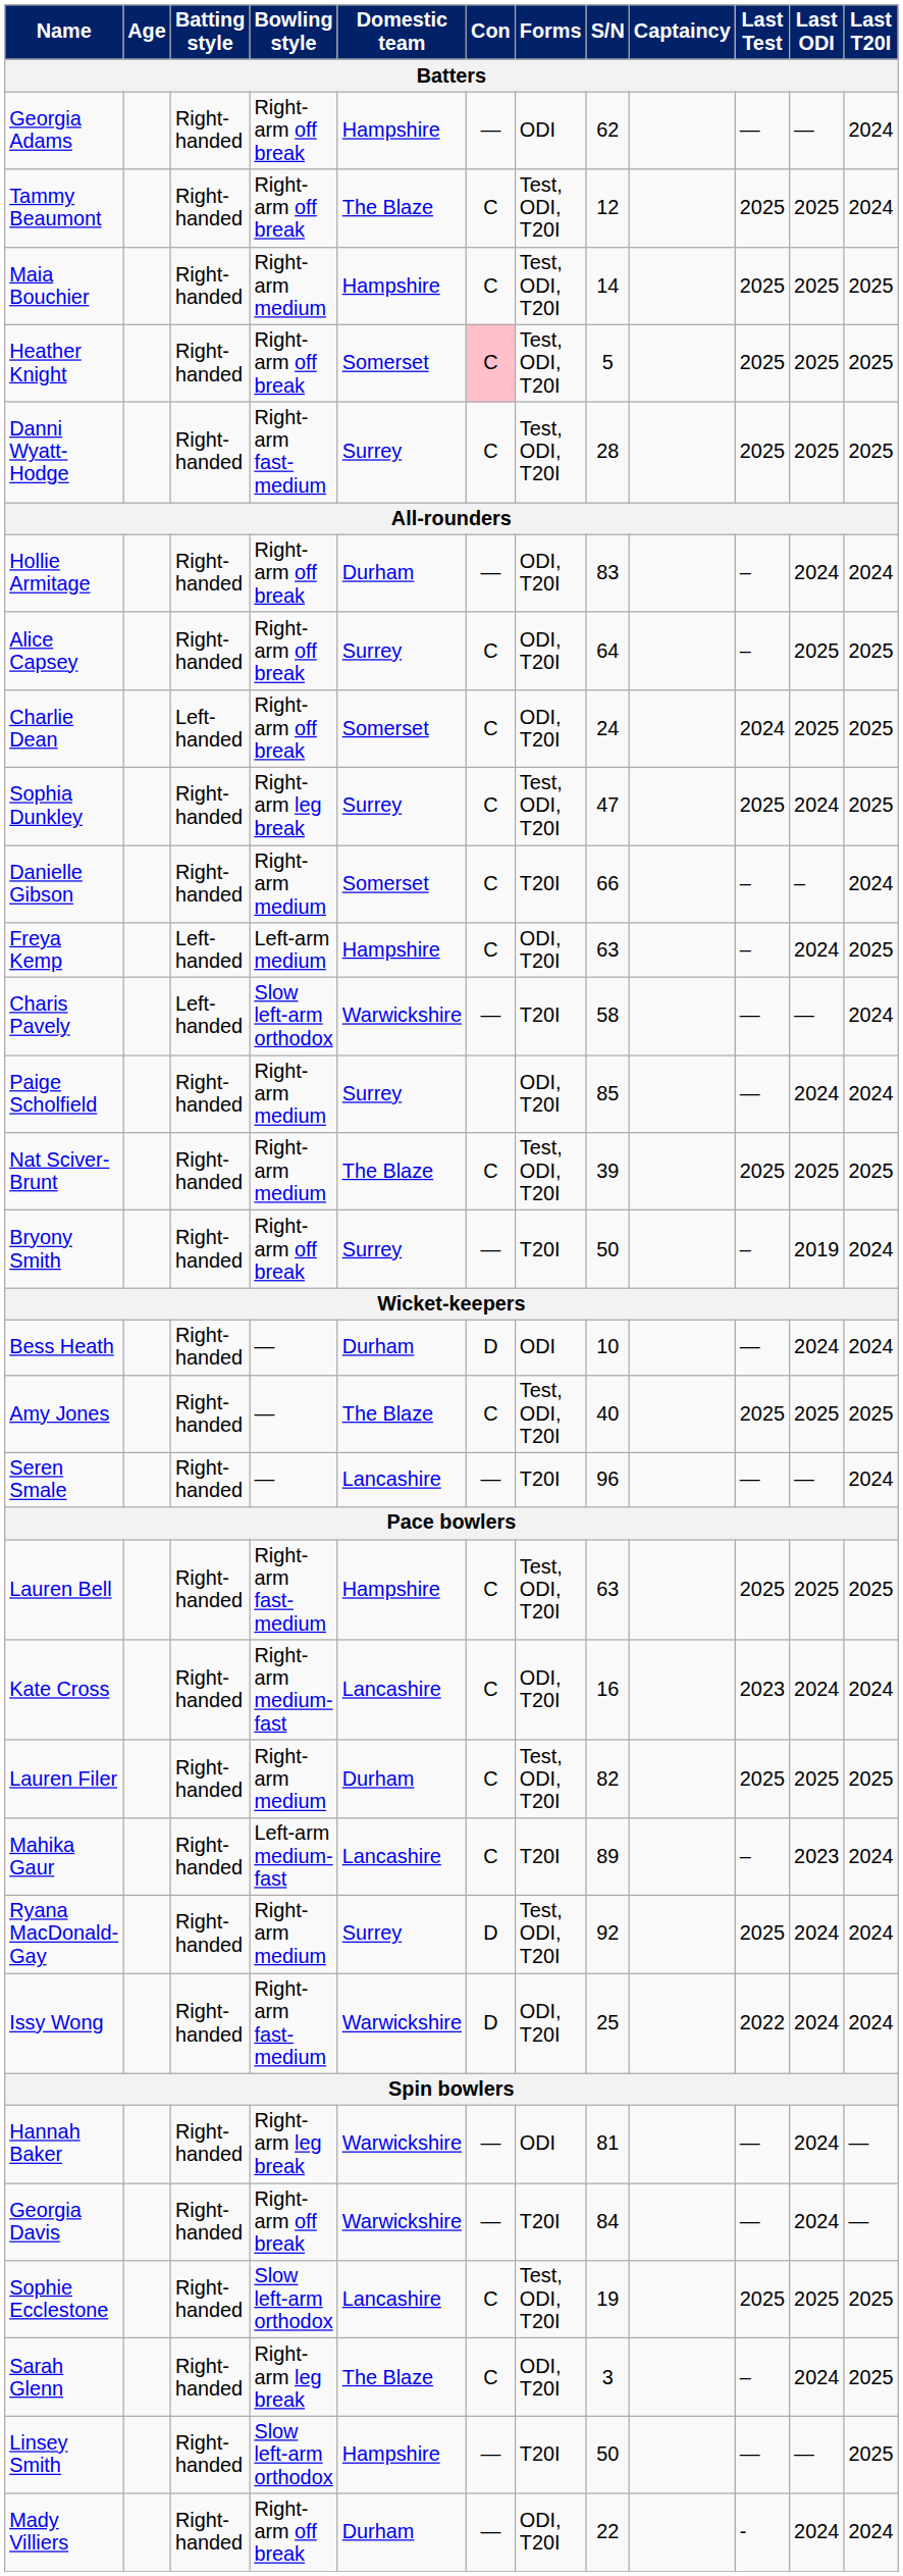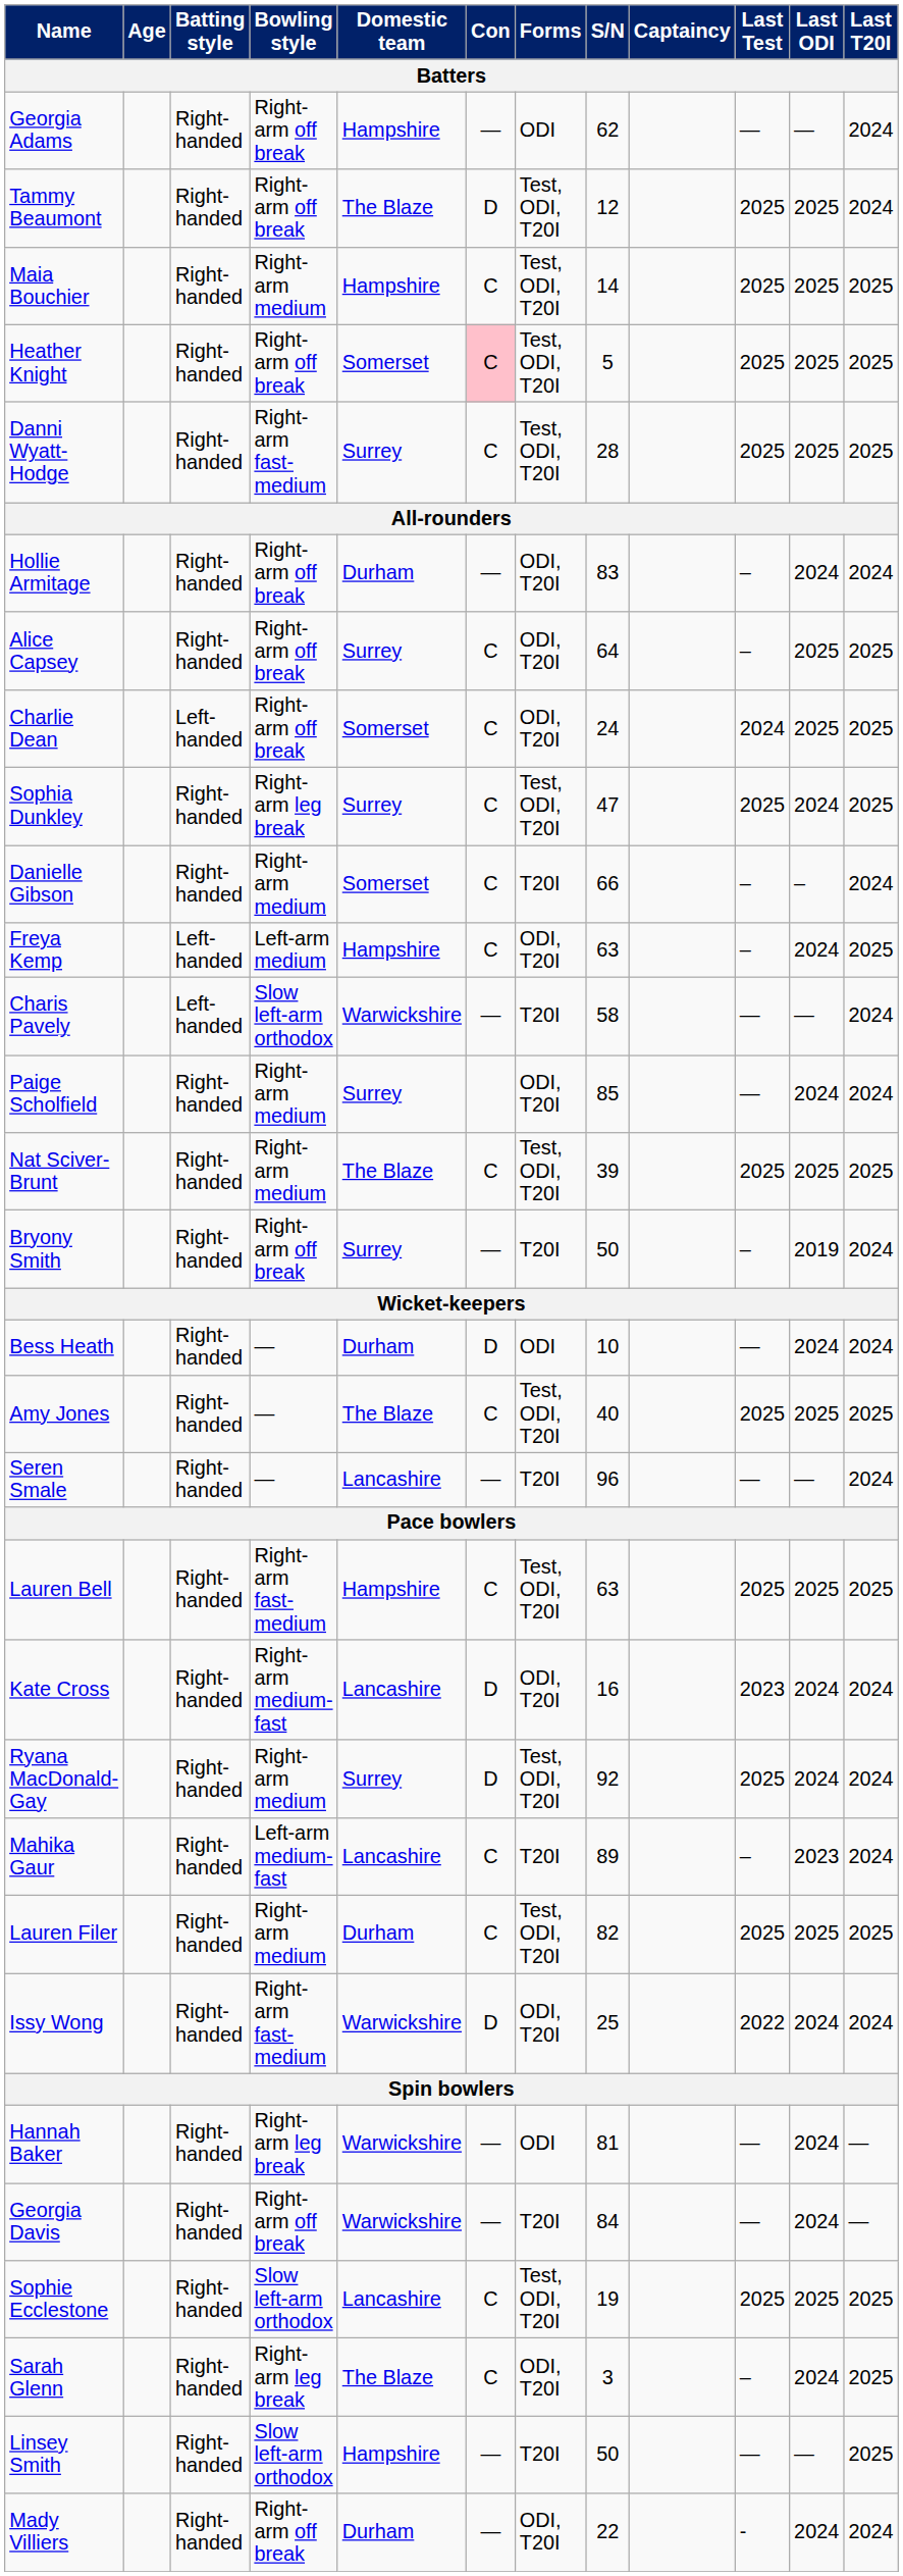 <table class="wikitable">
 <tr>
 <th style="text-align:center; background:#012169; color:white;">Name</th>
 <th style="text-align:center; background:#012169; color:white;">Age</th>
 <th style="text-align:center; background:#012169; color:white;">Batting style</th>
 <th style="text-align:center; background:#012169; color:white;">Bowling style</th>
 <th style="text-align:center; background:#012169; color:white;">Domestic team</th>
 <th style="text-align:center; background:#012169; color:white;">Con</th>
 <th style="text-align:center; background:#012169; color:white;">Forms</th>
 <th style="text-align:center; background:#012169; color:white;">S/N</th>
 <th style="text-align:center; background:#012169; color:white;">Captaincy</th>
 <th style="text-align:center; background:#012169; color:white;">Last Test</th>
 <th style="text-align:center; background:#012169; color:white;">Last ODI</th>
 <th style="text-align:center; background:#012169; color:white;">Last T20I</th>
 </tr>
 <tr>
 <th colspan="12">Batters</th>
 </tr>
 <tr>
 <td><a href='#'>Georgia Adams</a></td>
 <td></td>
 <td>Right-handed</td>
 <td>Right-arm <a href='#'>off break</a></td>
 <td><a href='#'>Hampshire</a></td>
 <td align="center">—</td>
 <td>ODI</td>
 <td align="center">62</td>
 <td></td>
 <td>—</td>
 <td>—</td>
 <td> 2024</td>
 </tr>
 <tr>
 <td><a href='#'>Tammy Beaumont</a></td>
 <td></td>
 <td>Right-handed</td>
 <td>Right-arm <a href='#'>off break</a></td>
 <td><a href='#'>The Blaze</a></td>
-<td align="center">C</td>
+<td align="center">D</td>
 <td>Test, ODI, T20I</td>
 <td align="center">12</td>
 <td></td>
 <td> 2025</td>
 <td> 2025</td>
 <td> 2024</td>
 </tr>
 <tr>
 <td><a href='#'>Maia Bouchier</a></td>
 <td></td>
 <td>Right-handed</td>
 <td>Right-arm <a href='#'>medium</a></td>
 <td><a href='#'>Hampshire</a></td>
 <td align="center">C</td>
 <td>Test, ODI, T20I</td>
 <td align="center">14</td>
 <td></td>
 <td> 2025</td>
 <td> 2025</td>
 <td> 2025</td>
 </tr>
 <tr>
 <td><a href='#'>Heather Knight</a></td>
 <td></td>
 <td>Right-handed</td>
 <td>Right-arm <a href='#'>off break</a></td>
 <td><a href='#'>Somerset</a></td>
 <td align="center" style="background: pink;">C</td>
 <td>Test, ODI, T20I</td>
 <td align="center">5</td>
 <td></td>
 <td> 2025</td>
 <td> 2025</td>
 <td> 2025</td>
 </tr>
 <tr>
 <td><a href='#'>Danni Wyatt-Hodge</a></td>
 <td></td>
 <td>Right-handed</td>
 <td>Right-arm <a href='#'>fast-medium</a></td>
 <td><a href='#'>Surrey</a></td>
 <td align="center">C</td>
 <td>Test, ODI, T20I</td>
 <td align="center">28</td>
 <td></td>
 <td> 2025</td>
 <td> 2025</td>
 <td> 2025</td>
 </tr>
 <tr>
 <th colspan="12">All-rounders</th>
 </tr>
 <tr>
 <td><a href='#'>Hollie Armitage</a></td>
 <td></td>
 <td>Right-handed</td>
 <td>Right-arm <a href='#'>off break</a></td>
 <td><a href='#'>Durham</a></td>
 <td align="center">—</td>
 <td>ODI, T20I</td>
 <td align="center">83</td>
 <td></td>
 <td>–</td>
 <td> 2024</td>
 <td> 2024</td>
 </tr>
 <tr>
 <td><a href='#'>Alice Capsey</a></td>
 <td></td>
 <td>Right-handed</td>
 <td>Right-arm <a href='#'>off break</a></td>
 <td><a href='#'>Surrey</a></td>
 <td align="center">C</td>
 <td>ODI, T20I</td>
 <td align="center">64</td>
 <td></td>
 <td>–</td>
 <td> 2025</td>
 <td> 2025</td>
 </tr>
 <tr>
 <td><a href='#'>Charlie Dean</a></td>
 <td></td>
 <td>Left-handed</td>
 <td>Right-arm <a href='#'>off break</a></td>
 <td><a href='#'>Somerset</a></td>
 <td align="center">C</td>
 <td>ODI, T20I</td>
 <td align="center">24</td>
 <td></td>
 <td> 2024</td>
 <td> 2025</td>
 <td> 2025</td>
 </tr>
 <tr>
 <td><a href='#'>Sophia Dunkley</a></td>
 <td></td>
 <td>Right-handed</td>
 <td>Right-arm <a href='#'>leg break</a></td>
 <td><a href='#'>Surrey</a></td>
 <td align="center">C</td>
 <td>Test, ODI, T20I</td>
 <td align="center">47</td>
 <td></td>
 <td> 2025</td>
 <td> 2024</td>
 <td> 2025</td>
 </tr>
 <tr>
 <td><a href='#'>Danielle Gibson</a></td>
 <td></td>
 <td>Right-handed</td>
 <td>Right-arm <a href='#'>medium</a></td>
 <td><a href='#'>Somerset</a></td>
 <td align="center">C</td>
 <td>T20I</td>
 <td align="center">66</td>
 <td></td>
 <td>–</td>
 <td>–</td>
 <td> 2024</td>
 </tr>
 <tr>
 <td><a href='#'>Freya Kemp</a></td>
 <td></td>
 <td>Left-handed</td>
 <td>Left-arm <a href='#'>medium</a></td>
 <td><a href='#'>Hampshire</a></td>
 <td align="center">C</td>
 <td>ODI, T20I</td>
 <td align="center">63</td>
 <td></td>
 <td>–</td>
 <td> 2024</td>
 <td> 2025</td>
 </tr>
 <tr>
 <td><a href='#'>Charis Pavely</a></td>
 <td></td>
 <td>Left-handed</td>
 <td><a href='#'>Slow left-arm orthodox</a></td>
 <td><a href='#'>Warwickshire</a></td>
 <td align="center">—</td>
 <td>T20I</td>
 <td align="center">58</td>
 <td></td>
 <td>—</td>
 <td>—</td>
 <td> 2024</td>
 </tr>
 <tr>
 <td><a href='#'>Paige Scholfield</a></td>
 <td></td>
 <td>Right-handed</td>
 <td>Right-arm <a href='#'>medium</a></td>
 <td><a href='#'>Surrey</a></td>
 <td align="center"></td>
 <td>ODI, T20I</td>
 <td align="center">85</td>
 <td></td>
 <td>—</td>
 <td> 2024</td>
 <td> 2024</td>
 </tr>
 <tr>
 <td><a href='#'>Nat Sciver-Brunt</a></td>
 <td></td>
 <td>Right-handed</td>
 <td>Right-arm <a href='#'>medium</a></td>
 <td><a href='#'>The Blaze</a></td>
 <td align="center">C</td>
 <td>Test, ODI, T20I</td>
 <td align="center">39</td>
 <td></td>
 <td> 2025</td>
 <td> 2025</td>
 <td> 2025</td>
 </tr>
 <tr>
 <td><a href='#'>Bryony Smith</a></td>
 <td></td>
 <td>Right-handed</td>
 <td>Right-arm <a href='#'>off break</a></td>
 <td><a href='#'>Surrey</a></td>
 <td align="center">—</td>
 <td>T20I</td>
 <td align="center">50</td>
 <td></td>
 <td>–</td>
 <td> 2019</td>
 <td> 2024</td>
 </tr>
 <tr>
 <th colspan="12">Wicket-keepers</th>
 </tr>
 <tr>
 <td><a href='#'>Bess Heath</a></td>
 <td></td>
 <td>Right-handed</td>
 <td>—</td>
 <td><a href='#'>Durham</a></td>
 <td align="center">D</td>
 <td>ODI</td>
 <td align="center">10</td>
 <td></td>
 <td>—</td>
 <td> 2024</td>
 <td> 2024</td>
 </tr>
 <tr>
 <td><a href='#'>Amy Jones</a></td>
 <td></td>
 <td>Right-handed</td>
 <td>—</td>
 <td><a href='#'>The Blaze</a></td>
 <td align="center">C</td>
 <td>Test, ODI, T20I</td>
 <td align="center">40</td>
 <td></td>
 <td> 2025</td>
 <td> 2025</td>
 <td> 2025</td>
 </tr>
 <tr>
 <td><a href='#'>Seren Smale</a></td>
 <td></td>
 <td>Right-handed</td>
 <td>—</td>
 <td><a href='#'>Lancashire</a></td>
 <td align="center">—</td>
 <td>T20I</td>
 <td align="center">96</td>
 <td></td>
 <td>—</td>
 <td>—</td>
 <td> 2024</td>
 </tr>
 <tr>
 <th colspan="12">Pace bowlers</th>
 </tr>
 <tr>
 <td><a href='#'>Lauren Bell</a></td>
 <td></td>
 <td>Right-handed</td>
 <td>Right-arm <a href='#'>fast-medium</a></td>
 <td><a href='#'>Hampshire</a></td>
 <td align="center">C</td>
 <td>Test, ODI, T20I</td>
 <td align="center">63</td>
 <td></td>
 <td> 2025</td>
 <td> 2025</td>
 <td> 2025</td>
 </tr>
 <tr>
 <td><a href='#'>Kate Cross</a></td>
 <td></td>
 <td>Right-handed</td>
 <td>Right-arm <a href='#'>medium-fast</a></td>
 <td><a href='#'>Lancashire</a></td>
-<td align="center">C</td>
+<td align="center">D</td>
 <td>ODI, T20I</td>
 <td align="center">16</td>
 <td></td>
 <td> 2023</td>
 <td> 2024</td>
 <td> 2024</td>
 </tr>
 <tr>
-<td><a href='#'>Lauren Filer</a></td>
+<td><a href='#'>Ryana MacDonald-Gay</a></td>
 <td></td>
 <td>Right-handed</td>
 <td>Right-arm <a href='#'>medium</a></td>
-<td><a href='#'>Durham</a></td>
-<td align="center">C</td>
+<td><a href='#'>Surrey</a></td>
+<td align="center">D</td>
 <td>Test, ODI, T20I</td>
-<td align="center">82</td>
+<td align="center">92</td>
 <td></td>
 <td> 2025</td>
-<td> 2025</td>
-<td> 2025</td>
+<td> 2024</td>
+<td> 2024</td>
 </tr>
 <tr>
 <td><a href='#'>Mahika Gaur</a></td>
 <td></td>
 <td>Right-handed</td>
 <td>Left-arm <a href='#'>medium-fast</a></td>
 <td><a href='#'>Lancashire</a></td>
 <td align="center">C</td>
 <td>T20I</td>
 <td align="center">89</td>
 <td></td>
 <td>–</td>
 <td> 2023</td>
 <td> 2024</td>
 </tr>
 <tr>
-<td><a href='#'>Ryana MacDonald-Gay</a></td>
+<td><a href='#'>Lauren Filer</a></td>
 <td></td>
 <td>Right-handed</td>
 <td>Right-arm <a href='#'>medium</a></td>
-<td><a href='#'>Surrey</a></td>
-<td align="center">D</td>
+<td><a href='#'>Durham</a></td>
+<td align="center">C</td>
 <td>Test, ODI, T20I</td>
-<td align="center">92</td>
+<td align="center">82</td>
 <td></td>
 <td> 2025</td>
-<td> 2024</td>
-<td> 2024</td>
+<td> 2025</td>
+<td> 2025</td>
 </tr>
 <tr>
 <td><a href='#'>Issy Wong</a></td>
 <td></td>
 <td>Right-handed</td>
 <td>Right-arm <a href='#'>fast-medium</a></td>
 <td><a href='#'>Warwickshire</a></td>
 <td align="center">D</td>
 <td>ODI, T20I</td>
 <td align="center">25</td>
 <td></td>
 <td> 2022</td>
 <td> 2024</td>
 <td> 2024</td>
 </tr>
 <tr>
 <th colspan="12">Spin bowlers</th>
 </tr>
 <tr>
 <td><a href='#'>Hannah Baker</a></td>
 <td></td>
 <td>Right-handed</td>
 <td>Right-arm <a href='#'>leg break</a></td>
 <td><a href='#'>Warwickshire</a></td>
 <td align="center">—</td>
 <td>ODI</td>
 <td align="center">81</td>
 <td></td>
 <td>—</td>
 <td> 2024</td>
 <td>—</td>
 </tr>
 <tr>
 <td><a href='#'>Georgia Davis</a></td>
 <td></td>
 <td>Right-handed</td>
 <td>Right-arm <a href='#'>off break</a></td>
 <td><a href='#'>Warwickshire</a></td>
 <td align="center">—</td>
 <td>T20I</td>
 <td align="center">84</td>
 <td></td>
 <td>—</td>
 <td> 2024</td>
 <td>—</td>
 </tr>
 <tr>
 <td><a href='#'>Sophie Ecclestone</a></td>
 <td></td>
 <td>Right-handed</td>
 <td><a href='#'>Slow left-arm orthodox</a></td>
 <td><a href='#'>Lancashire</a></td>
 <td align="center">C</td>
 <td>Test, ODI, T20I</td>
 <td align="center">19</td>
 <td></td>
 <td> 2025</td>
 <td> 2025</td>
 <td> 2025</td>
 </tr>
 <tr>
 <td><a href='#'>Sarah Glenn</a></td>
 <td></td>
 <td>Right-handed</td>
 <td>Right-arm <a href='#'>leg break</a></td>
 <td><a href='#'>The Blaze</a></td>
 <td align="center">C</td>
 <td>ODI, T20I</td>
 <td align="center">3</td>
 <td></td>
 <td>–</td>
 <td> 2024</td>
 <td> 2025</td>
 </tr>
 <tr>
 <td><a href='#'>Linsey Smith</a></td>
 <td></td>
 <td>Right-handed</td>
 <td><a href='#'>Slow left-arm orthodox</a></td>
 <td><a href='#'>Hampshire</a></td>
 <td align="center">—</td>
 <td>T20I</td>
 <td align="center">50</td>
 <td></td>
 <td>—</td>
 <td>—</td>
 <td> 2025</td>
 </tr>
 <tr>
 <td><a href='#'>Mady Villiers</a></td>
 <td></td>
 <td>Right-handed</td>
 <td>Right-arm <a href='#'>off break</a></td>
 <td><a href='#'>Durham</a></td>
 <td align="center">—</td>
 <td>ODI, T20I</td>
 <td align="center">22</td>
 <td></td>
 <td>-</td>
 <td> 2024</td>
 <td> 2024</td>
 </tr>
 </table>
